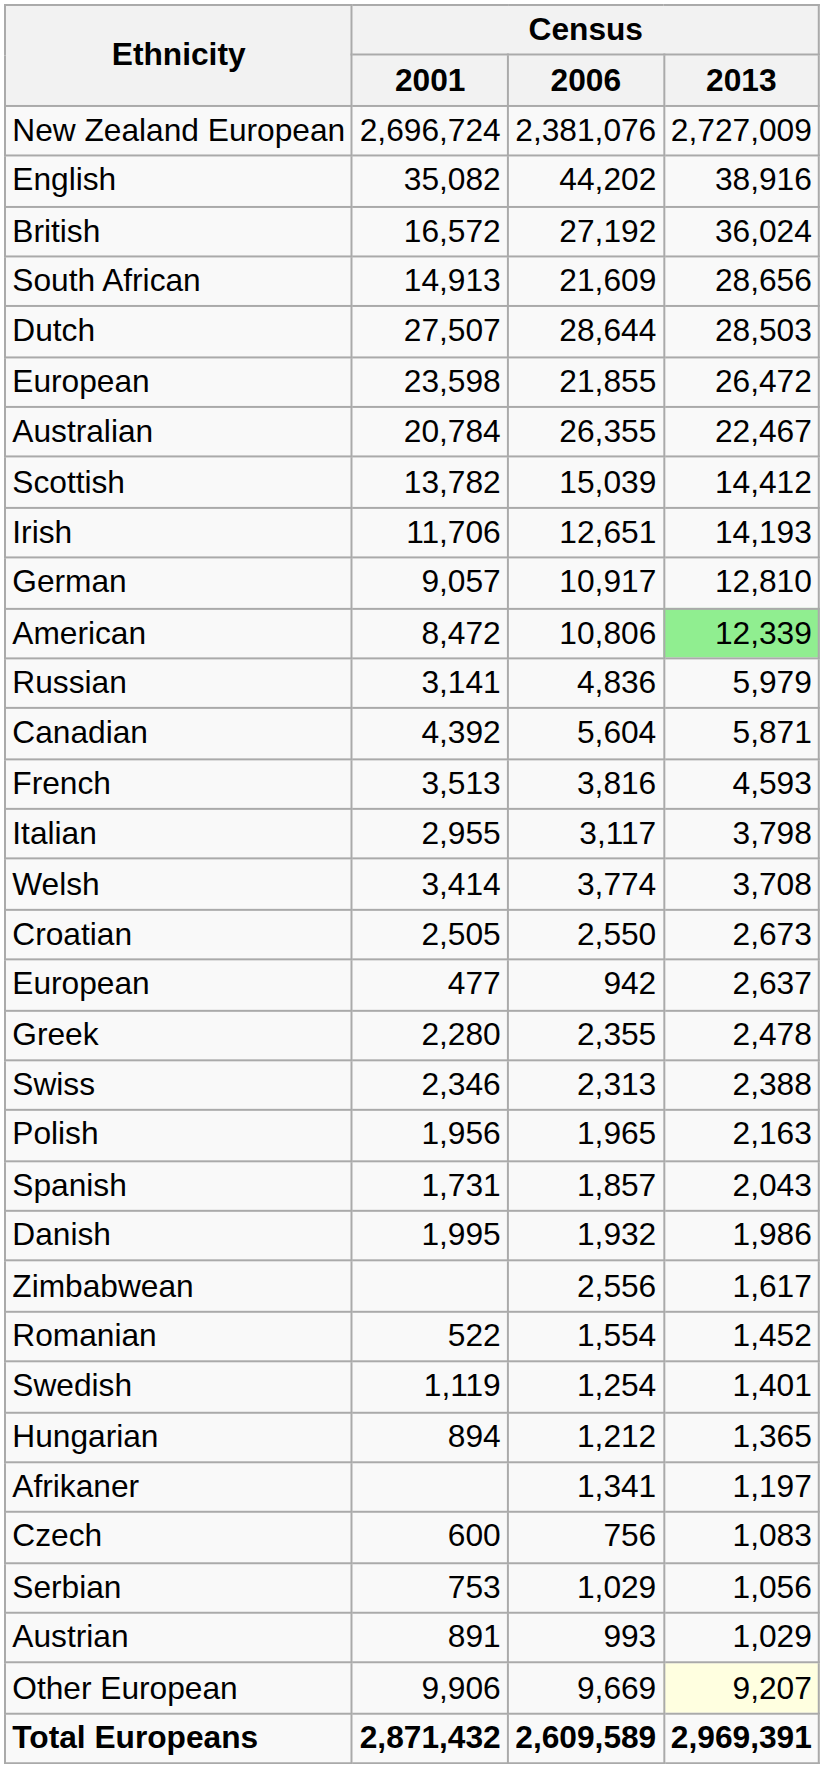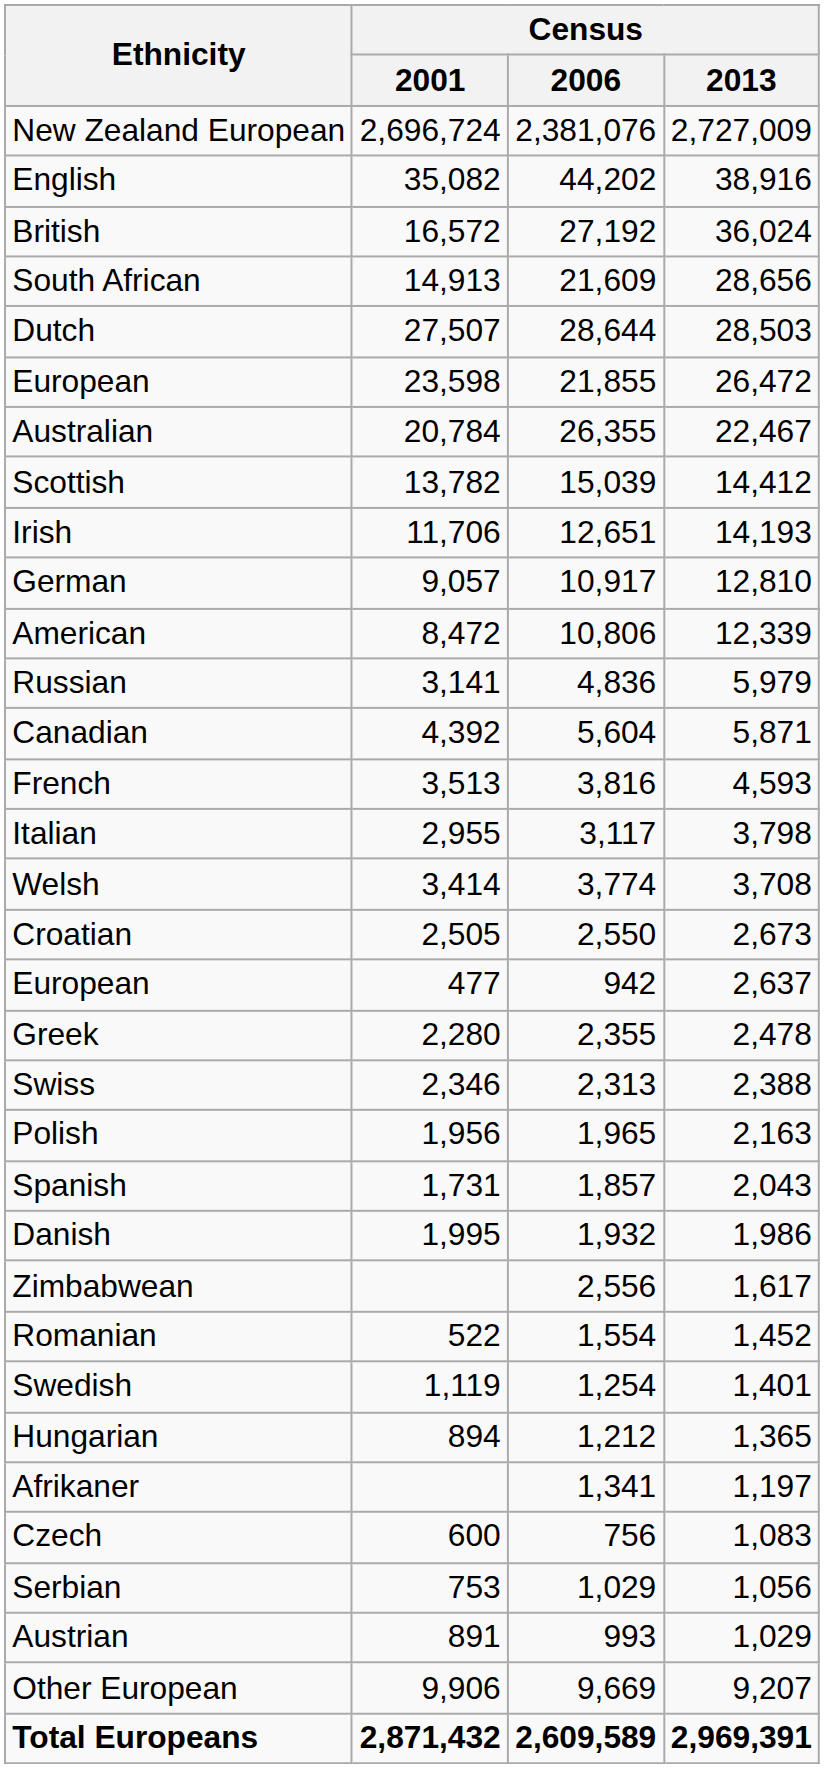 <table class="wikitable sortable" style="text-align:right">
 <tr>
 <th rowspan=2>Ethnicity</th>
 <th colspan=3>Census</th>
 </tr>
 <tr>
 <th>2001</th>
 <th>2006</th>
 <th>2013</th>
 </tr>
 <tr>
 <td style="text-align:left;">New Zealand European</td>
 <td>2,696,724</td>
 <td>2,381,076</td>
 <td>2,727,009</td>
 </tr>
 <tr>
 <td style="text-align:left;">English</td>
 <td>35,082</td>
 <td>44,202</td>
 <td>38,916</td>
 </tr>
 <tr>
 <td style="text-align:left;">British </td>
 <td>16,572</td>
 <td>27,192</td>
 <td>36,024</td>
 </tr>
 <tr>
 <td style="text-align:left;">South African </td>
 <td>14,913</td>
 <td>21,609</td>
 <td>28,656</td>
 </tr>
 <tr>
 <td style="text-align:left;">Dutch</td>
 <td>27,507</td>
 <td>28,644</td>
 <td>28,503</td>
 </tr>
 <tr>
 <td style="text-align:left;">European </td>
 <td>23,598</td>
 <td>21,855</td>
 <td>26,472</td>
 </tr>
 <tr>
 <td style="text-align:left;">Australian</td>
 <td>20,784</td>
 <td>26,355</td>
 <td>22,467</td>
 </tr>
 <tr>
 <td style="text-align:left;">Scottish</td>
 <td>13,782</td>
 <td>15,039</td>
 <td>14,412</td>
 </tr>
 <tr>
 <td style="text-align:left;">Irish</td>
 <td>11,706</td>
 <td>12,651</td>
 <td>14,193</td>
 </tr>
 <tr>
 <td style="text-align:left;">German</td>
 <td>9,057</td>
 <td>10,917</td>
 <td>12,810</td>
 </tr>
 <tr>
 <td style="text-align:left;">American</td>
 <td>8,472</td>
 <td>10,806</td>
-<td style="background: lightgreen;">12,339</td>
+<td>12,339</td>
 </tr>
 <tr>
 <td style="text-align:left;">Russian</td>
 <td>3,141</td>
 <td>4,836</td>
 <td>5,979</td>
 </tr>
 <tr>
 <td style="text-align:left;">Canadian</td>
 <td>4,392</td>
 <td>5,604</td>
 <td>5,871</td>
 </tr>
 <tr>
 <td style="text-align:left;">French</td>
 <td>3,513</td>
 <td>3,816</td>
 <td>4,593</td>
 </tr>
 <tr>
 <td style="text-align:left;">Italian</td>
 <td>2,955</td>
 <td>3,117</td>
 <td>3,798</td>
 </tr>
 <tr>
 <td style="text-align:left;">Welsh</td>
 <td>3,414</td>
 <td>3,774</td>
 <td>3,708</td>
 </tr>
 <tr>
 <td style="text-align:left;">Croatian</td>
 <td>2,505</td>
 <td>2,550</td>
 <td>2,673</td>
 </tr>
 <tr>
 <td style="text-align:left;">European </td>
 <td>477</td>
 <td>942</td>
 <td>2,637</td>
 </tr>
 <tr>
 <td style="text-align:left;">Greek</td>
 <td>2,280</td>
 <td>2,355</td>
 <td>2,478</td>
 </tr>
 <tr>
 <td style="text-align:left;">Swiss</td>
 <td>2,346</td>
 <td>2,313</td>
 <td>2,388</td>
 </tr>
 <tr>
 <td style="text-align:left;">Polish</td>
 <td>1,956</td>
 <td>1,965</td>
 <td>2,163</td>
 </tr>
 <tr>
 <td style="text-align:left;">Spanish</td>
 <td>1,731</td>
 <td>1,857</td>
 <td>2,043</td>
 </tr>
 <tr>
 <td style="text-align:left;">Danish</td>
 <td>1,995</td>
 <td>1,932</td>
 <td>1,986</td>
 </tr>
 <tr>
 <td style="text-align:left;">Zimbabwean</td>
 <td></td>
 <td>2,556</td>
 <td>1,617</td>
 </tr>
 <tr>
 <td style="text-align:left;">Romanian</td>
 <td>522</td>
 <td>1,554</td>
 <td>1,452</td>
 </tr>
 <tr>
 <td style="text-align:left;">Swedish</td>
 <td>1,119</td>
 <td>1,254</td>
 <td>1,401</td>
 </tr>
 <tr>
 <td style="text-align:left;">Hungarian</td>
 <td>894</td>
 <td>1,212</td>
 <td>1,365</td>
 </tr>
 <tr>
 <td style="text-align:left;">Afrikaner</td>
 <td></td>
 <td>1,341</td>
 <td>1,197</td>
 </tr>
 <tr>
 <td style="text-align:left;">Czech</td>
 <td>600</td>
 <td>756</td>
 <td>1,083</td>
 </tr>
 <tr>
 <td style="text-align:left;">Serbian</td>
 <td>753</td>
 <td>1,029</td>
 <td>1,056</td>
 </tr>
 <tr>
 <td style="text-align:left;">Austrian</td>
 <td>891</td>
 <td>993</td>
 <td>1,029</td>
 </tr>
 <tr>
 <td style="text-align:left;">Other European</td>
 <td>9,906</td>
 <td>9,669</td>
-<td style="background: lightyellow;">9,207</td>
+<td>9,207</td>
 </tr>
 <tr>
 <td style="text-align:left;"><strong>Total Europeans</strong></td>
 <td><strong>2,871,432</strong></td>
 <td><strong>2,609,589</strong></td>
 <td><strong>2,969,391</strong></td>
 </tr>
 </table>
